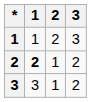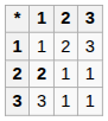 <table class="wikitable" style="text-align:center">
 <tr>
 <th width=15>*</th>
 <th width=15>1</th>
 <th width=15>2</th>
 <th width=15>3</th>
 </tr>
 <tr>
 <th>1</th>
 <td>1</td>
 <td>2</td>
 <td>3</td>
 </tr>
 <tr>
 <th>2</th>
 <td><strong>2</strong></td>
 <td>1</td>
-<td>2</td>
+<td>1</td>
 </tr>
 <tr>
 <th>3</th>
 <td>3</td>
 <td>1</td>
-<td>2</td>
+<td>1</td>
 </tr>
 </table>
